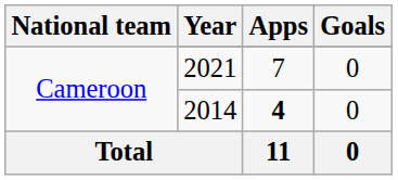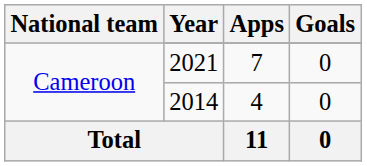 <table class="wikitable" style="text-align: center;">
 <tr>
 <th>National team</th>
 <th>Year</th>
 <th>Apps</th>
 <th>Goals</th>
 </tr>
 <tr>
 <td rowspan="3"><a href='#'>Cameroon</a></td>
 </tr>
 <tr>
 <td>2021</td>
 <td>7</td>
 <td>0</td>
 </tr>
 <tr>
 <td>2014</td>
-<td><strong>4</strong></td>
+<td>4</td>
 <td>0</td>
 </tr>
 <tr>
 <th colspan=2>Total</th>
 <th>11</th>
 <th>0</th>
 </tr>
 </table>
